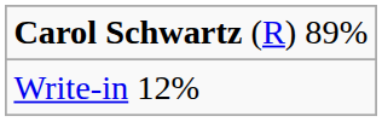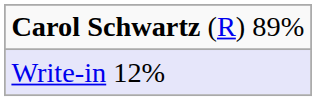 <table class="wikitable">
 <tr>
 <td><strong>Carol Schwartz</strong> (<a href='#'>R</a>) 89%</td>
 </tr>
 <tr>
-<td><a href='#'>Write-in</a> 12%</td>
+<td style="background: lavender;"><a href='#'>Write-in</a> 12%</td>
 </tr>
 </table>
